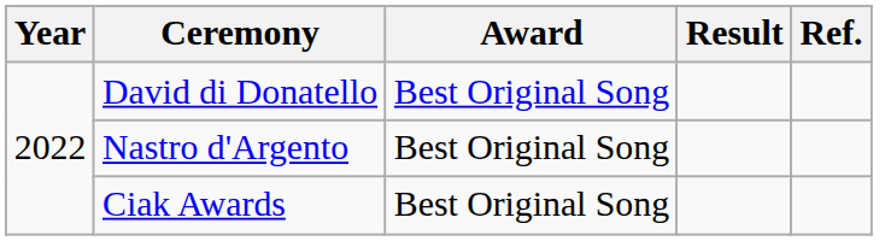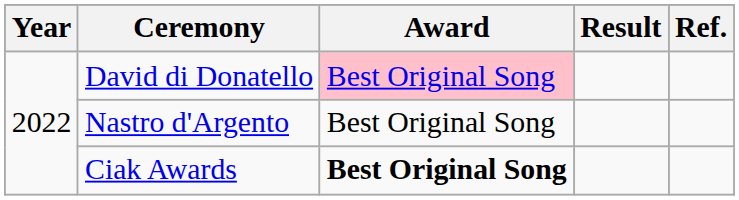 <table class="wikitable plainrowheaders">
 <tr>
 <th scope="col">Year</th>
 <th scope="col">Ceremony</th>
 <th scope="col">Award</th>
 <th scope="col">Result</th>
 <th scope="col">Ref.</th>
 </tr>
 <tr>
 <td rowspan=3>2022</td>
 <td><a href='#'>David di Donatello</a></td>
-<td><a href='#'>Best Original Song</a></td>
+<td style="background: pink;"><a href='#'>Best Original Song</a></td>
 <td></td>
 <td></td>
 </tr>
 <tr>
 <td><a href='#'>Nastro d'Argento</a></td>
 <td>Best Original Song</td>
 <td></td>
 <td></td>
 </tr>
 <tr>
 <td><a href='#'>Ciak Awards</a></td>
-<td>Best Original Song</td>
+<td><strong>Best Original Song</strong></td>
 <td></td>
 <td></td>
 </tr>
 </table>
